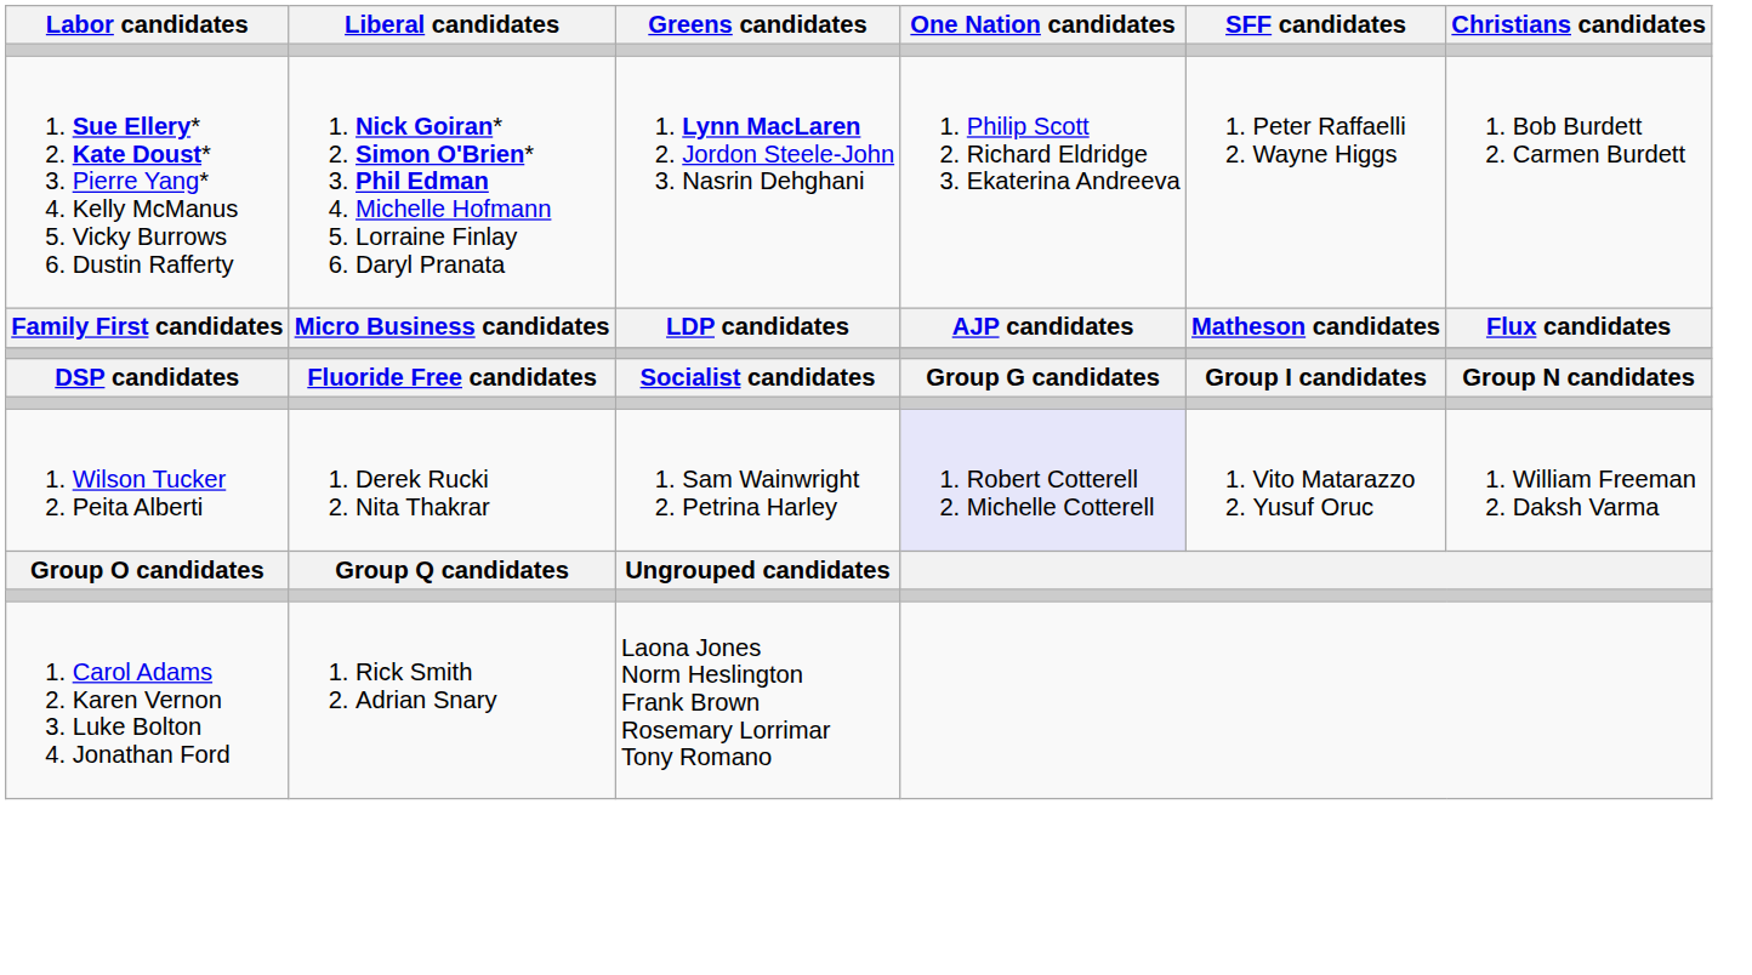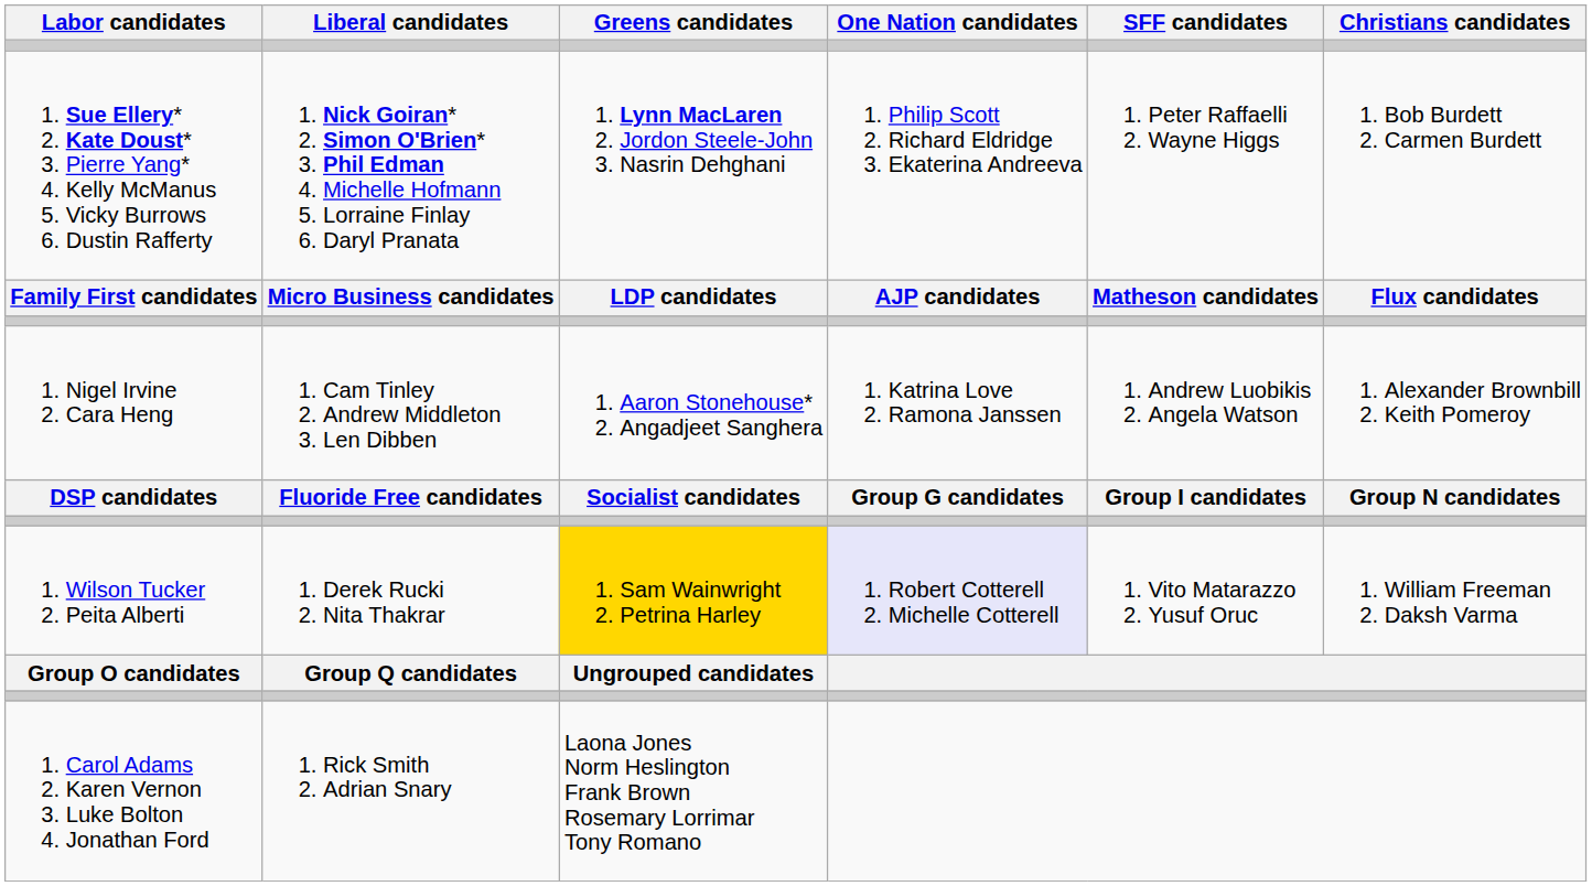 <table class="wikitable">
 <tr>
 <th><a href='#'>Labor</a> candidates</th>
 <th><a href='#'>Liberal</a> candidates</th>
 <th><a href='#'>Greens</a> candidates</th>
 <th><a href='#'>One Nation</a> candidates</th>
 <th><a href='#'>SFF</a> candidates</th>
 <th><a href='#'>Christians</a> candidates</th>
 </tr>
 <tr bgcolor="#cccccc">
 <td></td>
 <td></td>
 <td></td>
 <td></td>
 <td></td>
 <td></td>
 </tr>
 <tr>
 <td><br><ol><li><strong><a href='#'>Sue Ellery</a></strong>*</li><li><strong><a href='#'>Kate Doust</a></strong>*</li><li><a href='#'>Pierre Yang</a>*</li><li>Kelly McManus</li><li>Vicky Burrows</li><li>Dustin Rafferty</li></ol></td>
 <td><br><ol><li><strong><a href='#'>Nick Goiran</a></strong>*</li><li><strong><a href='#'>Simon O'Brien</a></strong>*</li><li><strong><a href='#'>Phil Edman</a></strong></li><li><a href='#'>Michelle Hofmann</a></li><li>Lorraine Finlay</li><li>Daryl Pranata</li></ol></td>
 <td valign=top><br><ol><li><strong><a href='#'>Lynn MacLaren</a></strong></li><li><a href='#'>Jordon Steele-John</a></li><li>Nasrin Dehghani</li></ol></td>
 <td valign="top"><br><ol><li><a href='#'>Philip Scott</a></li><li>Richard Eldridge</li><li>Ekaterina Andreeva</li></ol></td>
 <td valign=top><br><ol><li>Peter Raffaelli</li><li>Wayne Higgs</li></ol></td>
 <td valign=top><br><ol><li>Bob Burdett</li><li>Carmen Burdett</li></ol></td>
 </tr>
 <tr bgcolor="#cccccc">
 <th><a href='#'>Family First</a> candidates</th>
 <th><a href='#'>Micro Business</a> candidates</th>
 <th><a href='#'>LDP</a> candidates</th>
 <th><a href='#'>AJP</a> candidates</th>
 <th><a href='#'>Matheson</a> candidates</th>
 <th><a href='#'>Flux</a> candidates</th>
 </tr>
 <tr bgcolor="#cccccc">
 <td></td>
 <td></td>
 <td></td>
 <td></td>
 <td></td>
 <td></td>
 </tr>
+<tr>
+<td valign=top><br><ol><li>Nigel Irvine</li><li>Cara Heng</li></ol></td>
+<td valign=top><br><ol><li>Cam Tinley</li><li>Andrew Middleton</li><li>Len Dibben</li></ol></td>
+<td><br><ol><li><a href='#'>Aaron Stonehouse</a>*</li><li>Angadjeet Sanghera</li></ol></td>
+<td valign=top><br><ol><li>Katrina Love</li><li>Ramona Janssen</li></ol></td>
+<td valign=top><br><ol><li>Andrew Luobikis</li><li>Angela Watson</li></ol></td>
+<td valign=top><br><ol><li>Alexander Brownbill</li><li>Keith Pomeroy</li></ol></td>
+</tr>
 <tr bgcolor="#cccccc">
 <th><a href='#'>DSP</a> candidates</th>
 <th><a href='#'>Fluoride Free</a> candidates</th>
 <th><a href='#'>Socialist</a> candidates</th>
 <th>Group G candidates</th>
 <th>Group I candidates</th>
 <th>Group N candidates</th>
 </tr>
 <tr bgcolor="#cccccc">
 <td></td>
 <td></td>
 <td></td>
 <td></td>
 <td></td>
 <td></td>
 </tr>
 <tr>
 <td valign=top><br><ol><li><a href='#'>Wilson Tucker</a></li><li>Peita Alberti</li></ol></td>
 <td valign=top><br><ol><li>Derek Rucki</li><li>Nita Thakrar</li></ol></td>
-<td valign=top><br><ol><li>Sam Wainwright</li><li>Petrina Harley</li></ol></td>
+<td valign=top style="background: gold;"><br><ol><li>Sam Wainwright</li><li>Petrina Harley</li></ol></td>
 <td valign=top style="background: lavender;"><br><ol><li>Robert Cotterell</li><li>Michelle Cotterell</li></ol></td>
 <td valign=top><br><ol><li>Vito Matarazzo</li><li>Yusuf Oruc</li></ol></td>
 <td valign=top><br><ol><li>William Freeman</li><li>Daksh Varma</li></ol></td>
 </tr>
 <tr bgcolor="#cccccc">
 <th>Group O candidates</th>
 <th>Group Q candidates</th>
 <th>Ungrouped candidates</th>
 <th colspan=3></th>
 </tr>
 <tr bgcolor="#cccccc">
 <td></td>
 <td></td>
 <td></td>
 <td colspan=3></td>
 </tr>
 <tr>
 <td valign=top><br><ol><li><a href='#'>Carol Adams</a></li><li>Karen Vernon</li><li>Luke Bolton</li><li>Jonathan Ford</li></ol></td>
 <td valign=top><br><ol><li>Rick Smith</li><li>Adrian Snary</li></ol></td>
 <td valign=top><br>Laona Jones <br> Norm Heslington <br> Frank Brown <br> Rosemary Lorrimar <br> Tony Romano</td>
 </tr>
 </table>
